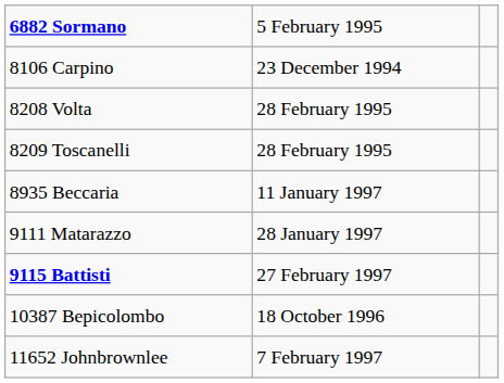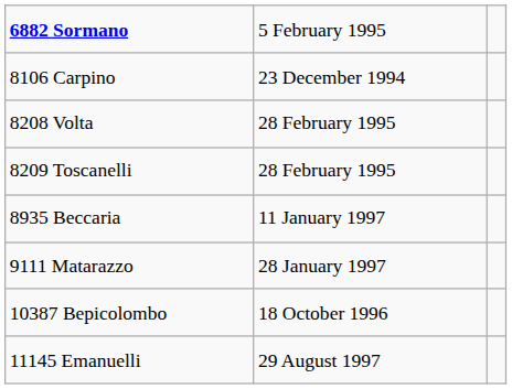 <table class="wikitable" style="font-size: 89%; float: left; width: 26em; margin-right: 1em; height: 280px;">
 <tr>
 <td><strong><a href='#'>6882 Sormano</a></strong></td>
 <td>5 February 1995</td>
 <td> </td>
 </tr>
 <tr>
 <td>8106 Carpino</td>
 <td>23 December 1994</td>
 <td> </td>
 </tr>
 <tr>
 <td>8208 Volta</td>
 <td>28 February 1995</td>
 <td> </td>
 </tr>
 <tr>
 <td>8209 Toscanelli</td>
 <td>28 February 1995</td>
 <td> </td>
 </tr>
 <tr>
 <td>8935 Beccaria</td>
 <td>11 January 1997</td>
 <td> </td>
 </tr>
 <tr>
 <td>9111 Matarazzo</td>
 <td>28 January 1997</td>
 <td> </td>
 </tr>
 <tr>
-<td><strong><a href='#'>9115 Battisti</a></strong></td>
-<td>27 February 1997</td>
-<td> </td>
-</tr>
-<tr>
 <td>10387 Bepicolombo</td>
 <td>18 October 1996</td>
 <td> </td>
 </tr>
 <tr>
-<td>11652 Johnbrownlee</td>
-<td>7 February 1997</td>
+<td>11145 Emanuelli</td>
+<td>29 August 1997</td>
 <td> </td>
 </tr>
 </table>
